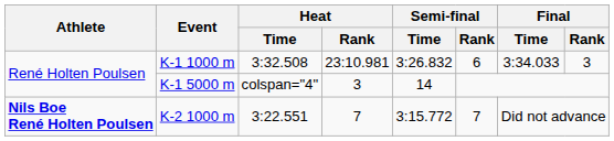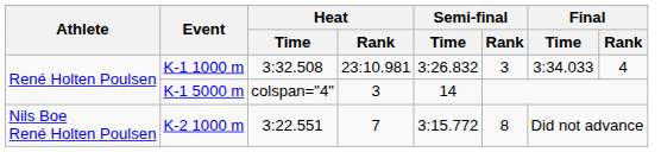 <table class="wikitable" style="text-align: center">
 <tr>
 <th rowspan="2">Athlete</th>
 <th rowspan="2">Event</th>
 <th colspan="2">Heat</th>
 <th colspan="2">Semi-final</th>
 <th colspan="2">Final</th>
 </tr>
 <tr>
 <th>Time</th>
 <th>Rank</th>
 <th>Time</th>
 <th>Rank</th>
 <th>Time</th>
 <th>Rank</th>
 </tr>
 <tr>
 <td rowspan="2" align="left"><a href='#'>René Holten Poulsen</a></td>
 <td><a href='#'>K-1 1000 m</a></td>
 <td>3:32.508</td>
 <td>23:10.981</td>
 <td>3:26.832</td>
-<td>6</td>
+<td>3</td>
 <td>3:34.033</td>
-<td>3</td>
+<td>4</td>
 </tr>
 <tr>
 <td><a href='#'>K-1 5000 m</a></td>
 <td>colspan="4" </td>
 <td>3</td>
 <td>14</td>
 </tr>
 <tr>
-<td align="left"><strong><a href='#'>Nils Boe</a><br><a href='#'>René Holten Poulsen</a></strong></td>
+<td align="left"><a href='#'>Nils Boe</a><br><a href='#'>René Holten Poulsen</a></td>
 <td><a href='#'>K-2 1000 m</a></td>
 <td>3:22.551</td>
 <td>7</td>
 <td>3:15.772</td>
-<td>7</td>
+<td>8</td>
 <td colspan="2">Did not advance</td>
 </tr>
 </table>
